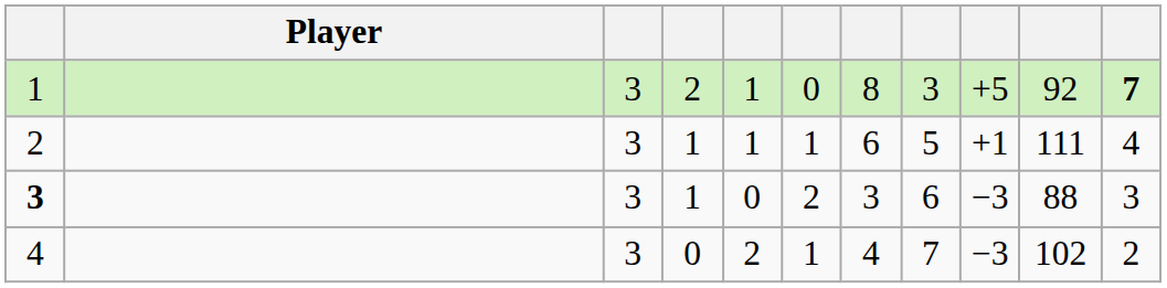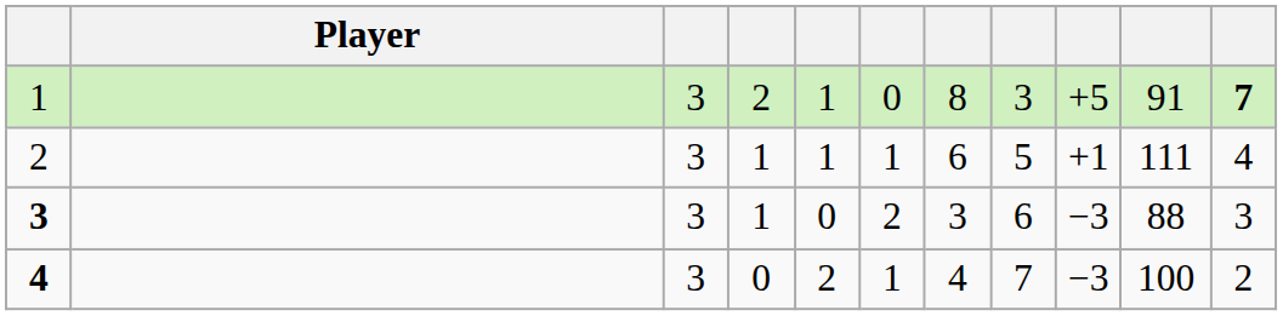 <table class="wikitable" style="text-align:center; margin: 1em auto 1em auto, align:left">
 <tr>
 <th width=20></th>
 <th width=240>Player</th>
 <th width=20></th>
 <th width=20></th>
 <th width=20></th>
 <th width=20></th>
 <th width=20></th>
 <th width=20></th>
 <th width=20></th>
 <th width=30></th>
 <th width=20></th>
 </tr>
 <tr style="background:#D0F0C0;">
 <td>1</td>
 <td align=left></td>
 <td>3</td>
 <td>2</td>
 <td>1</td>
 <td>0</td>
 <td>8</td>
 <td>3</td>
 <td>+5</td>
-<td>92</td>
+<td>91</td>
 <td><strong>7</strong></td>
 </tr>
 <tr style=>
 <td>2</td>
 <td align=left></td>
 <td>3</td>
 <td>1</td>
 <td>1</td>
 <td>1</td>
 <td>6</td>
 <td>5</td>
 <td>+1</td>
 <td>111</td>
 <td>4</td>
 </tr>
 <tr style=>
 <td><strong>3</strong></td>
 <td align=left></td>
 <td>3</td>
 <td>1</td>
 <td>0</td>
 <td>2</td>
 <td>3</td>
 <td>6</td>
 <td>−3</td>
 <td>88</td>
 <td>3</td>
 </tr>
 <tr style=>
-<td>4</td>
+<td><strong>4</strong></td>
 <td align=left></td>
 <td>3</td>
 <td>0</td>
 <td>2</td>
 <td>1</td>
 <td>4</td>
 <td>7</td>
 <td>−3</td>
-<td>102</td>
+<td>100</td>
 <td>2</td>
 </tr>
 </table>
